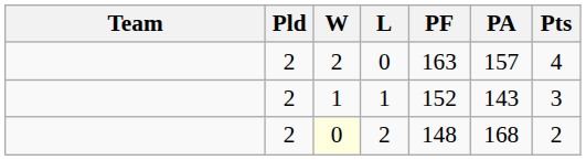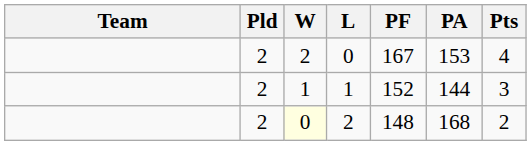 <table class="wikitable" style="text-align:center;">
 <tr>
 <th width=170>Team</th>
 <th width=25>Pld</th>
 <th width=25>W</th>
 <th width=25>L</th>
 <th width=35>PF</th>
 <th width=35>PA</th>
 <th width=25>Pts</th>
 </tr>
 <tr>
 <td align="left"></td>
 <td>2</td>
 <td>2</td>
 <td>0</td>
-<td>163</td>
-<td>157</td>
+<td>167</td>
+<td>153</td>
 <td>4</td>
 </tr>
 <tr>
 <td align="left"></td>
 <td>2</td>
 <td>1</td>
 <td>1</td>
 <td>152</td>
-<td>143</td>
+<td>144</td>
 <td>3</td>
 </tr>
 <tr>
 <td align="left"></td>
 <td>2</td>
 <td style="background: lightyellow;">0</td>
 <td>2</td>
 <td>148</td>
 <td>168</td>
 <td>2</td>
 </tr>
 </table>
